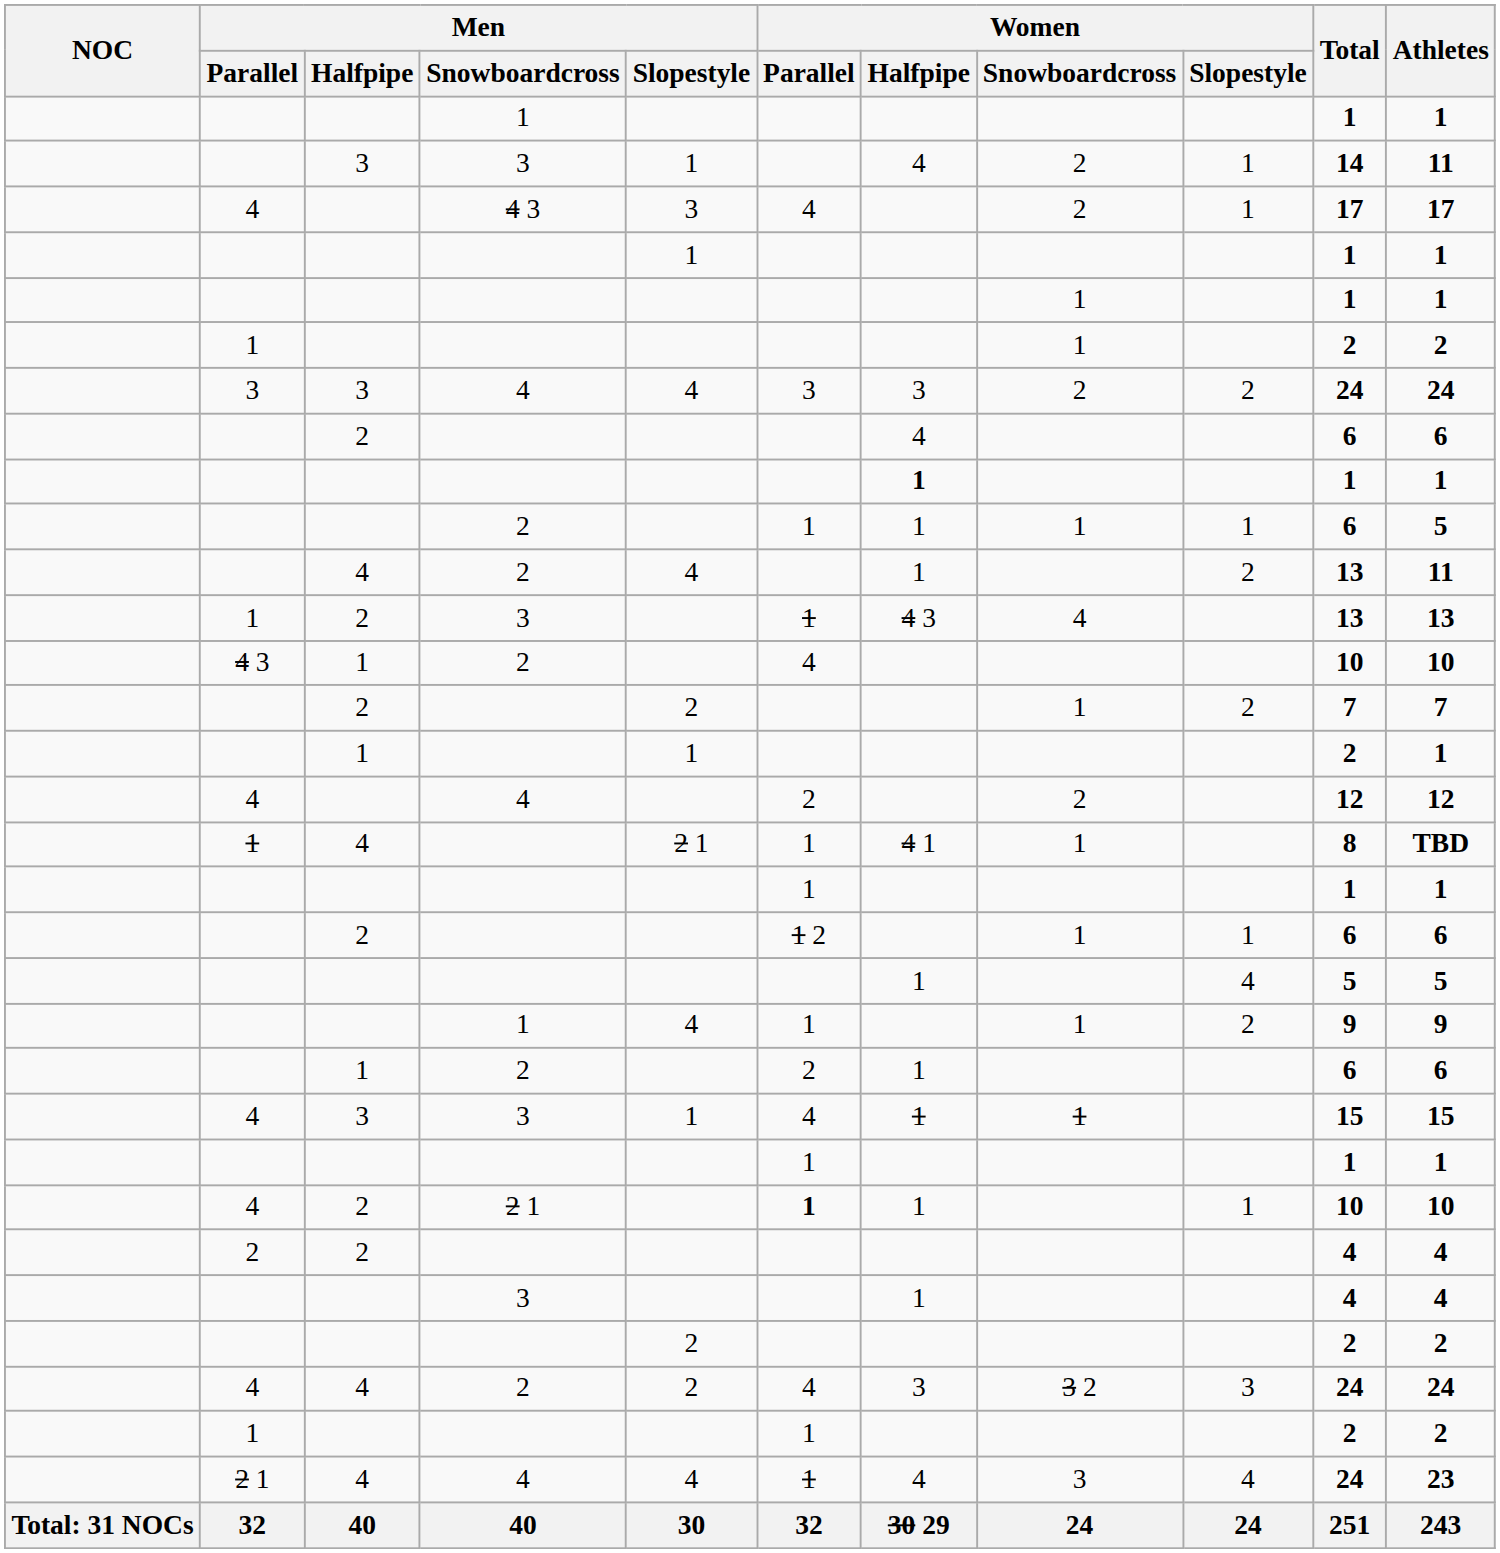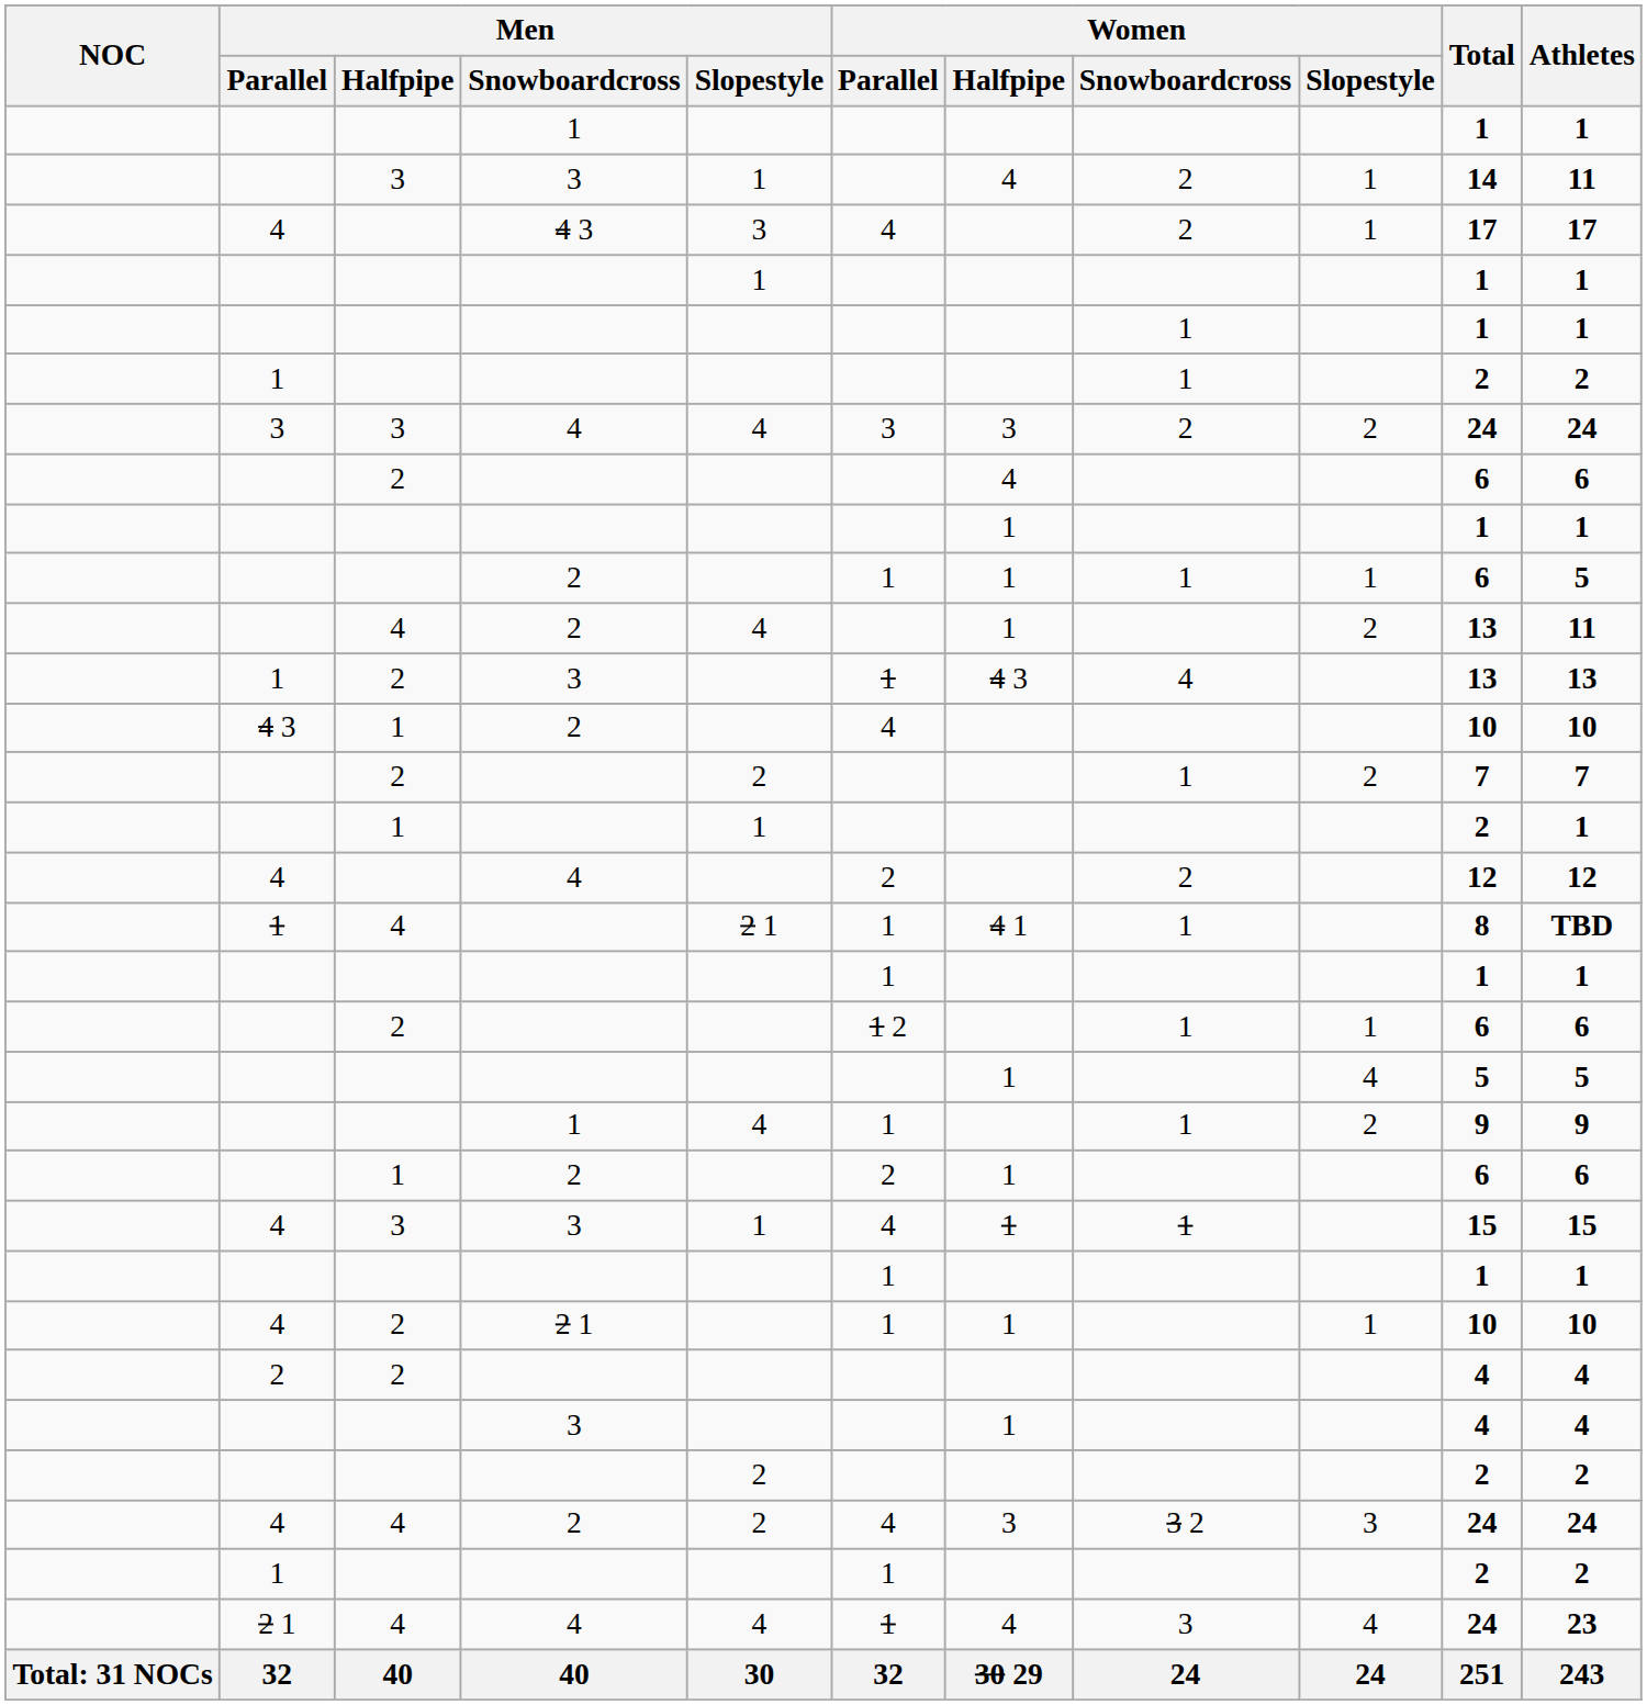 <table class="wikitable" style="text-align:center; font-size:90%">
 <tr>
 <th rowspan="2" align="center">NOC</th>
 <th colspan="4">Men</th>
 <th colspan="4">Women</th>
 <th rowspan="2">Total</th>
 <th rowspan="2">Athletes</th>
 </tr>
 <tr>
 <th>Parallel</th>
 <th>Halfpipe</th>
 <th>Snowboardcross</th>
 <th>Slopestyle</th>
 <th>Parallel</th>
 <th>Halfpipe</th>
 <th>Snowboardcross</th>
 <th>Slopestyle</th>
 </tr>
 <tr>
 <td align=left></td>
 <td></td>
 <td></td>
 <td>1</td>
 <td></td>
 <td></td>
 <td></td>
 <td></td>
 <td></td>
 <td><strong>1</strong></td>
 <td><strong>1</strong></td>
 </tr>
 <tr>
 <td align=left></td>
 <td></td>
 <td>3</td>
 <td>3</td>
 <td>1</td>
 <td></td>
 <td>4</td>
 <td>2</td>
 <td>1</td>
 <td><strong>14</strong></td>
 <td><strong>11</strong></td>
 </tr>
 <tr>
 <td align=left></td>
 <td>4</td>
 <td></td>
 <td><s>4</s> 3</td>
 <td>3</td>
 <td>4</td>
 <td></td>
 <td>2</td>
 <td>1</td>
 <td><strong>17</strong></td>
 <td><strong>17</strong></td>
 </tr>
 <tr>
 <td align=left></td>
 <td></td>
 <td></td>
 <td></td>
 <td>1</td>
 <td></td>
 <td></td>
 <td></td>
 <td></td>
 <td><strong>1</strong></td>
 <td><strong>1</strong></td>
 </tr>
 <tr>
 <td align=left></td>
 <td></td>
 <td></td>
 <td></td>
 <td></td>
 <td></td>
 <td></td>
 <td>1</td>
 <td></td>
 <td><strong>1</strong></td>
 <td><strong>1</strong></td>
 </tr>
 <tr>
 <td align=left></td>
 <td>1</td>
 <td></td>
 <td></td>
 <td></td>
 <td></td>
 <td></td>
 <td>1</td>
 <td></td>
 <td><strong>2</strong></td>
 <td><strong>2</strong></td>
 </tr>
 <tr>
 <td align=left></td>
 <td>3</td>
 <td>3</td>
 <td>4</td>
 <td>4</td>
 <td>3</td>
 <td>3</td>
 <td>2</td>
 <td>2</td>
 <td><strong>24</strong></td>
 <td><strong>24</strong></td>
 </tr>
 <tr>
 <td align=left></td>
 <td></td>
 <td>2</td>
 <td></td>
 <td></td>
 <td></td>
 <td>4</td>
 <td></td>
 <td></td>
 <td><strong>6</strong></td>
 <td><strong>6</strong></td>
 </tr>
 <tr>
 <td align=left></td>
 <td></td>
 <td></td>
 <td></td>
 <td></td>
 <td></td>
-<td><strong>1</strong></td>
+<td>1</td>
 <td></td>
 <td></td>
 <td><strong>1</strong></td>
 <td><strong>1</strong></td>
 </tr>
 <tr>
 <td align=left></td>
 <td></td>
 <td></td>
 <td>2</td>
 <td></td>
 <td>1</td>
 <td>1</td>
 <td>1</td>
 <td>1</td>
 <td><strong>6</strong></td>
 <td><strong>5</strong></td>
 </tr>
 <tr>
 <td align=left></td>
 <td></td>
 <td>4</td>
 <td>2</td>
 <td>4</td>
 <td></td>
 <td>1</td>
 <td></td>
 <td>2</td>
 <td><strong>13</strong></td>
 <td><strong>11</strong></td>
 </tr>
 <tr>
 <td align=left></td>
 <td>1</td>
 <td>2</td>
 <td>3</td>
 <td></td>
 <td><s>1</s></td>
 <td><s>4</s> 3</td>
 <td>4</td>
 <td></td>
 <td><strong>13</strong></td>
 <td><strong>13</strong></td>
 </tr>
 <tr>
 <td align=left></td>
 <td><s>4</s> 3</td>
 <td>1</td>
 <td>2</td>
 <td></td>
 <td>4</td>
 <td></td>
 <td></td>
 <td></td>
 <td><strong>10</strong></td>
 <td><strong>10</strong></td>
 </tr>
 <tr>
 <td align=left></td>
 <td></td>
 <td>2</td>
 <td></td>
 <td>2</td>
 <td></td>
 <td></td>
 <td>1</td>
 <td>2</td>
 <td><strong>7</strong></td>
 <td><strong>7</strong></td>
 </tr>
 <tr>
 <td align=left></td>
 <td></td>
 <td>1</td>
 <td></td>
 <td>1</td>
 <td></td>
 <td></td>
 <td></td>
 <td></td>
 <td><strong>2</strong></td>
 <td><strong>1</strong></td>
 </tr>
 <tr>
 <td align=left></td>
 <td>4</td>
 <td></td>
 <td>4</td>
 <td></td>
 <td>2</td>
 <td></td>
 <td>2</td>
 <td></td>
 <td><strong>12</strong></td>
 <td><strong>12</strong></td>
 </tr>
 <tr>
 <td align=left></td>
 <td><s>1</s></td>
 <td>4</td>
 <td></td>
 <td><s>2</s> 1</td>
 <td>1</td>
 <td><s>4</s> 1</td>
 <td>1</td>
 <td></td>
 <td><strong>8</strong></td>
 <td><strong>TBD</strong></td>
 </tr>
 <tr>
 <td align=left></td>
 <td></td>
 <td></td>
 <td></td>
 <td></td>
 <td>1</td>
 <td></td>
 <td></td>
 <td></td>
 <td><strong>1</strong></td>
 <td><strong>1</strong></td>
 </tr>
 <tr>
 <td align=left></td>
 <td></td>
 <td>2</td>
 <td></td>
 <td></td>
 <td><s>1</s> 2</td>
 <td></td>
 <td>1</td>
 <td>1</td>
 <td><strong>6</strong></td>
 <td><strong>6</strong></td>
 </tr>
 <tr>
 <td align=left></td>
 <td></td>
 <td></td>
 <td></td>
 <td></td>
 <td></td>
 <td>1</td>
 <td></td>
 <td>4</td>
 <td><strong>5</strong></td>
 <td><strong>5</strong></td>
 </tr>
 <tr>
 <td align=left></td>
 <td></td>
 <td></td>
 <td>1</td>
 <td>4</td>
 <td>1</td>
 <td></td>
 <td>1</td>
 <td>2</td>
 <td><strong>9</strong></td>
 <td><strong>9</strong></td>
 </tr>
 <tr>
 <td align=left></td>
 <td></td>
 <td>1</td>
 <td>2</td>
 <td></td>
 <td>2</td>
 <td>1</td>
 <td></td>
 <td></td>
 <td><strong>6</strong></td>
 <td><strong>6</strong></td>
 </tr>
 <tr>
 <td align=left></td>
 <td>4</td>
 <td>3</td>
 <td>3</td>
 <td>1</td>
 <td>4</td>
 <td><s>1</s></td>
 <td><s>1</s></td>
 <td></td>
 <td><strong>15</strong></td>
 <td><strong>15</strong></td>
 </tr>
 <tr>
 <td align=left></td>
 <td></td>
 <td></td>
 <td></td>
 <td></td>
 <td>1</td>
 <td></td>
 <td></td>
 <td></td>
 <td><strong>1</strong></td>
 <td><strong>1</strong></td>
 </tr>
 <tr>
 <td align=left></td>
 <td>4</td>
 <td>2</td>
 <td><s>2</s> 1</td>
 <td></td>
-<td><strong>1</strong></td>
+<td>1</td>
 <td>1</td>
 <td></td>
 <td>1</td>
 <td><strong>10</strong></td>
 <td><strong>10</strong></td>
 </tr>
 <tr>
 <td align=left></td>
 <td>2</td>
 <td>2</td>
 <td></td>
 <td></td>
 <td></td>
 <td></td>
 <td></td>
 <td></td>
 <td><strong>4</strong></td>
 <td><strong>4</strong></td>
 </tr>
 <tr>
 <td align=left></td>
 <td></td>
 <td></td>
 <td>3</td>
 <td></td>
 <td></td>
 <td>1</td>
 <td></td>
 <td></td>
 <td><strong>4</strong></td>
 <td><strong>4</strong></td>
 </tr>
 <tr>
 <td align=left></td>
 <td></td>
 <td></td>
 <td></td>
 <td>2</td>
 <td></td>
 <td></td>
 <td></td>
 <td></td>
 <td><strong>2</strong></td>
 <td><strong>2</strong></td>
 </tr>
 <tr>
 <td align=left></td>
 <td>4</td>
 <td>4</td>
 <td>2</td>
 <td>2</td>
 <td>4</td>
 <td>3</td>
 <td><s>3</s> 2</td>
 <td>3</td>
 <td><strong>24</strong></td>
 <td><strong>24</strong></td>
 </tr>
 <tr>
 <td align=left></td>
 <td>1</td>
 <td></td>
 <td></td>
 <td></td>
 <td>1</td>
 <td></td>
 <td></td>
 <td></td>
 <td><strong>2</strong></td>
 <td><strong>2</strong></td>
 </tr>
 <tr>
 <td align=left></td>
 <td><s>2</s> 1</td>
 <td>4</td>
 <td>4</td>
 <td>4</td>
 <td><s>1</s></td>
 <td>4</td>
 <td>3</td>
 <td>4</td>
 <td><strong>24</strong></td>
 <td><strong>23</strong></td>
 </tr>
 <tr>
 <th>Total: 31 NOCs</th>
 <th>32</th>
 <th>40</th>
 <th>40</th>
 <th>30</th>
 <th>32</th>
 <th><s>30</s> 29</th>
 <th>24</th>
 <th>24</th>
 <th>251</th>
 <th>243</th>
 </tr>
 </table>
